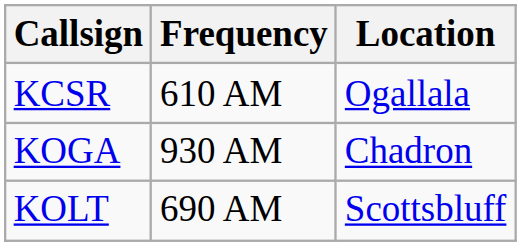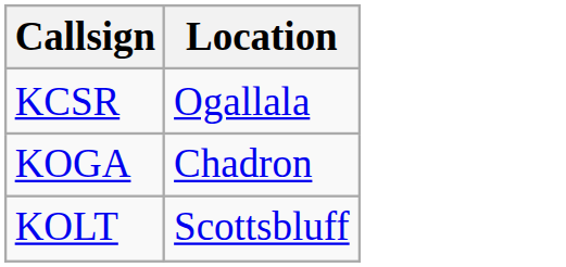 <table class="wikitable">
 <tr>
 <th>Callsign</th>
-<th>Frequency</th>
 <th>Location</th>
 </tr>
 <tr>
 <td><a href='#'>KCSR</a></td>
-<td>610 AM</td>
 <td><a href='#'>Ogallala</a></td>
 </tr>
 <tr>
 <td><a href='#'>KOGA</a></td>
-<td>930 AM</td>
 <td><a href='#'>Chadron</a></td>
 </tr>
 <tr>
 <td><a href='#'>KOLT</a></td>
-<td>690 AM</td>
 <td><a href='#'>Scottsbluff</a></td>
 </tr>
 </table>
